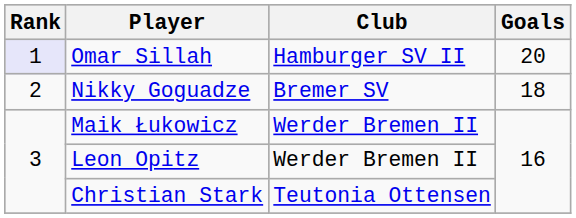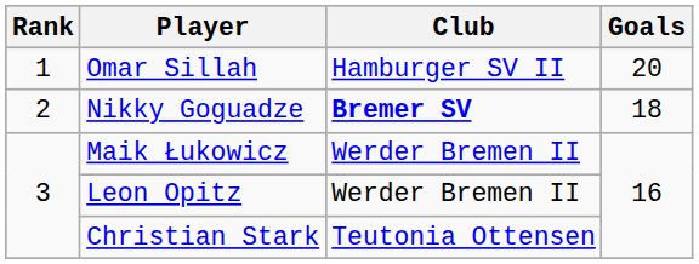 <table class="wikitable" style="text-align:center">
 <tr>
 <th>Rank</th>
 <th>Player</th>
 <th>Club</th>
 <th>Goals</th>
 </tr>
 <tr>
-<td style="background: lavender;">1</td>
+<td>1</td>
 <td align="left"> <a href='#'>Omar Sillah</a></td>
 <td align="left"><a href='#'>Hamburger SV II</a></td>
 <td>20</td>
 </tr>
 <tr>
 <td>2</td>
 <td align="left"> <a href='#'>Nikky Goguadze</a></td>
-<td align="left"><a href='#'>Bremer SV</a></td>
+<td align="left"><strong><a href='#'>Bremer SV</a></strong></td>
 <td>18</td>
 </tr>
 <tr>
 <td rowspan=3>3</td>
 <td align="left"> <a href='#'>Maik Łukowicz</a></td>
 <td align="left"><a href='#'>Werder Bremen II</a></td>
 <td rowspan=3>16</td>
 </tr>
 <tr>
 <td align="left"> <a href='#'>Leon Opitz</a></td>
 <td align="left">Werder Bremen II</td>
 </tr>
 <tr>
 <td align="left"> <a href='#'>Christian Stark</a></td>
 <td align="left"><a href='#'>Teutonia Ottensen</a></td>
 </tr>
 </table>
